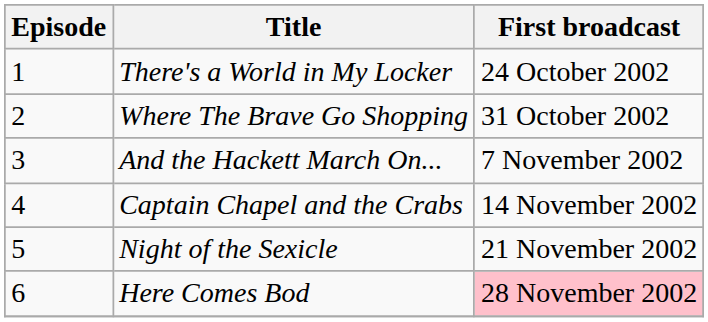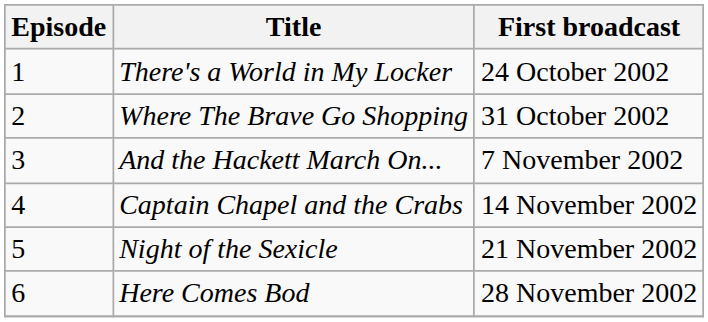 <table class="wikitable">
 <tr>
 <th>Episode</th>
 <th>Title</th>
 <th>First broadcast</th>
 </tr>
 <tr>
 <td>1</td>
 <td><em>There's a World in My Locker</em></td>
 <td>24 October 2002</td>
 </tr>
 <tr>
 <td>2</td>
 <td><em>Where The Brave Go Shopping</em></td>
 <td>31 October 2002</td>
 </tr>
 <tr>
 <td>3</td>
 <td><em>And the Hackett March On...</em></td>
 <td>7 November 2002</td>
 </tr>
 <tr>
 <td>4</td>
 <td><em>Captain Chapel and the Crabs</em></td>
 <td>14 November 2002</td>
 </tr>
 <tr>
 <td>5</td>
 <td><em>Night of the Sexicle</em></td>
 <td>21 November 2002</td>
 </tr>
 <tr>
 <td>6</td>
 <td><em>Here Comes Bod</em></td>
-<td style="background: pink;">28 November 2002</td>
+<td>28 November 2002</td>
 </tr>
 <tr>
 </tr>
 </table>
